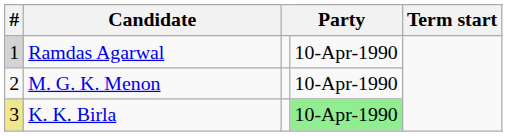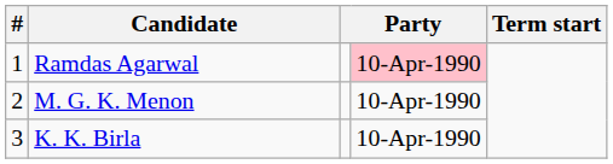 <table class="wikitable">
 <tr>
 <th>#</th>
 <th style="width:200px">Candidate</th>
 <th colspan="2">Party</th>
 <th>Term start</th>
 </tr>
 <tr>
-<td style="background: lightgrey;">1</td>
+<td>1</td>
 <td><a href='#'>Ramdas Agarwal</a></td>
 <td></td>
-<td>10-Apr-1990</td>
+<td style="background: pink;">10-Apr-1990</td>
 </tr>
 <tr>
 <td>2</td>
 <td><a href='#'>M. G. K. Menon</a></td>
 <td></td>
 <td>10-Apr-1990</td>
 </tr>
 <tr>
-<td style="background: khaki;">3</td>
+<td>3</td>
 <td><a href='#'>K. K. Birla</a></td>
 <td></td>
-<td style="background: lightgreen;">10-Apr-1990</td>
+<td>10-Apr-1990</td>
 </tr>
 </table>
